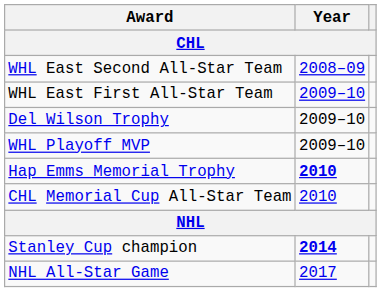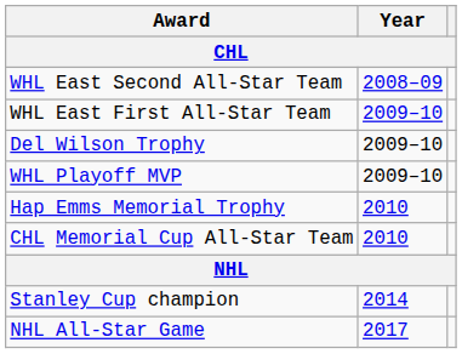 <table class="wikitable">
 <tr>
 <th>Award</th>
 <th>Year</th>
 <th></th>
 </tr>
 <tr>
 <th colspan="3"><a href='#'>CHL</a></th>
 </tr>
 <tr>
 <td><a href='#'>WHL</a> East Second All-Star Team</td>
 <td><a href='#'>2008–09</a></td>
 <td></td>
 </tr>
 <tr>
 <td>WHL East First All-Star Team</td>
 <td><a href='#'>2009–10</a></td>
 <td></td>
 </tr>
 <tr>
 <td><a href='#'>Del Wilson Trophy</a></td>
 <td>2009–10</td>
 <td></td>
 </tr>
 <tr>
 <td><a href='#'>WHL Playoff MVP</a></td>
 <td>2009–10</td>
 <td></td>
 </tr>
 <tr>
 <td><a href='#'>Hap Emms Memorial Trophy</a></td>
-<td><strong><a href='#'>2010</a></strong></td>
+<td><a href='#'>2010</a></td>
 <td></td>
 </tr>
 <tr>
 <td><a href='#'>CHL</a> <a href='#'>Memorial Cup</a> All-Star Team</td>
 <td><a href='#'>2010</a></td>
 <td></td>
 </tr>
 <tr>
 <th colspan="3"><a href='#'>NHL</a></th>
 </tr>
 <tr>
 <td><a href='#'>Stanley Cup</a> champion</td>
-<td><strong><a href='#'>2014</a></strong></td>
+<td><a href='#'>2014</a></td>
 <td></td>
 </tr>
 <tr>
 <td><a href='#'>NHL All-Star Game</a></td>
 <td><a href='#'>2017</a></td>
 <td></td>
 </tr>
 </table>
